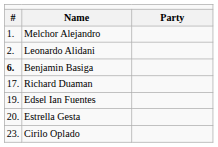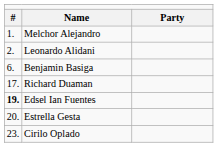 <table class=wikitable style="font-size:90%">
 <tr>
 <td colspan=4 bgcolor=></td>
 </tr>
 <tr>
 <th>#</th>
 <th width=150px>Name</th>
 <th colspan=2 width=110px>Party</th>
 </tr>
 <tr>
 <td>1.</td>
 <td>Melchor Alejandro</td>
 <td></td>
 </tr>
 <tr>
 <td>2.</td>
 <td>Leonardo Alidani</td>
 <td></td>
 </tr>
 <tr>
-<td><strong>6.</strong></td>
+<td>6.</td>
 <td>Benjamin Basiga</td>
 <td></td>
 </tr>
 <tr>
 <td>17.</td>
 <td>Richard Duaman</td>
 <td></td>
 </tr>
 <tr>
-<td>19.</td>
+<td><strong>19.</strong></td>
 <td>Edsel Ian Fuentes</td>
 <td></td>
 </tr>
 <tr>
 <td>20.</td>
 <td>Estrella Gesta</td>
 <td></td>
 </tr>
 <tr>
 <td>23.</td>
 <td>Cirilo Oplado</td>
 <td></td>
 </tr>
 </table>
